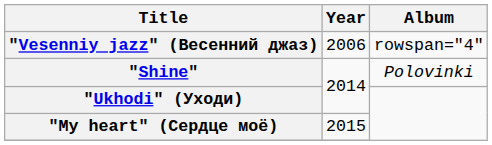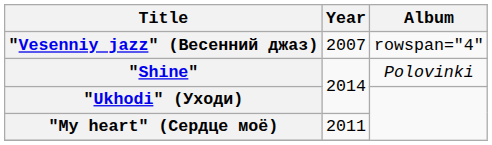 <table class="wikitable plainrowheaders" style="text-align:center;">
 <tr>
 <th scope="col" rowspan="1">Title</th>
 <th scope="col" rowspan="1">Year</th>
 <th scope="col" rowspan="1">Album</th>
 </tr>
 <tr>
 <th scope="row">"<a href='#'>Vesenniy jazz</a>" (Весенний джаз)</th>
-<td rowspan="1">2006</td>
+<td rowspan="1">2007</td>
 <td>rowspan="4" </td>
 </tr>
 <tr>
 <th scope="row">"<a href='#'>Shine</a>"</th>
 <td rowspan="2">2014</td>
 <td rowspan="1"><em>Polovinki</em></td>
 </tr>
 <tr>
 <th scope="row">"<a href='#'>Ukhodi</a>" (Уходи)</th>
 </tr>
 <tr>
 <th scope="row">"My heart" (Сердце моё)</th>
-<td rowspan="1">2015</td>
+<td rowspan="1">2011</td>
 </tr>
 <tr>
 </tr>
 </table>
